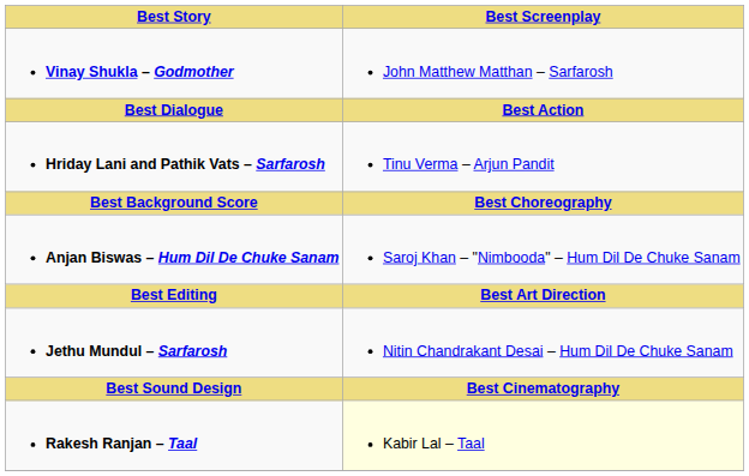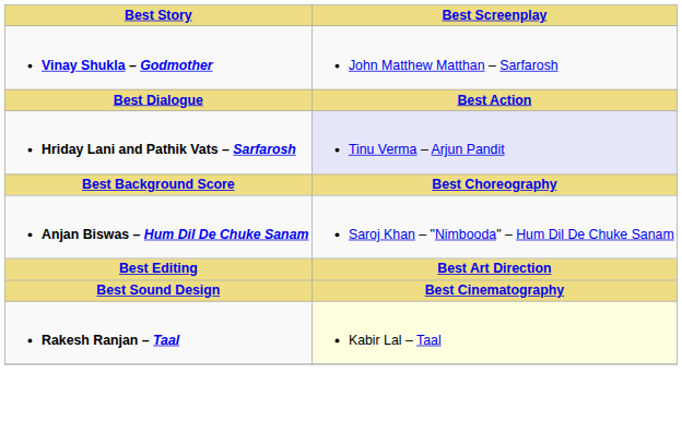 <table class="wikitable">
 <tr>
 <th ! style="background:#EEDD82;text-align:center;"><a href='#'>Best Story</a></th>
 <th ! style="background:#eedd82; text-align:center;"><a href='#'>Best Screenplay</a></th>
 </tr>
 <tr>
 <td valign="top"><br><ul><li><strong><a href='#'>Vinay Shukla</a> – <em><a href='#'>Godmother</a><strong><em></li></ul></td>
 <td valign="top"><br><ul><li></strong><a href='#'>John Matthew Matthan</a> – </em><a href='#'>Sarfarosh</a></em></strong></li></ul></td>
 </tr>
 <tr>
 <th ! style="background:#EEDD82;text-align:center;"><a href='#'>Best Dialogue</a></th>
 <th ! style="background:#eedd82; text-align:center;"><a href='#'>Best Action</a></th>
 </tr>
 <tr>
 <td valign="top"><br><ul><li><strong>Hriday Lani and Pathik Vats – <em><a href='#'>Sarfarosh</a><strong><em></li></ul></td>
-<td valign="top"><br><ul><li></strong><a href='#'>Tinu Verma</a> – </em><a href='#'>Arjun Pandit</a></em></strong></li></ul></td>
+<td valign="top" style="background: lavender;"><br><ul><li></strong><a href='#'>Tinu Verma</a> – </em><a href='#'>Arjun Pandit</a></em></strong></li></ul></td>
 </tr>
 <tr>
 <th ! style="background:#EEDD82;text-align:center;"><a href='#'>Best Background Score</a></th>
 <th ! style="background:#eedd82; text-align:center;"><a href='#'>Best Choreography</a></th>
 </tr>
 <tr>
 <td valign="top"><br><ul><li><strong>Anjan Biswas – <em><a href='#'>Hum Dil De Chuke Sanam</a><strong><em></li></ul></td>
 <td valign="top"><br><ul><li></strong><a href='#'>Saroj Khan</a> – "<a href='#'>Nimbooda</a>" – </em><a href='#'>Hum Dil De Chuke Sanam</a></em></strong></li></ul></td>
 </tr>
 <tr>
 <th ! style="background:#EEDD82;text-align:center;"><a href='#'>Best Editing</a></th>
 <th ! style="background:#eedd82; text-align:center;"><a href='#'>Best Art Direction</a></th>
 </tr>
 <tr>
-<td valign="top"><br><ul><li><strong>Jethu Mundul – <em><a href='#'>Sarfarosh</a><strong><em></li></ul></td>
-<td valign="top"><br><ul><li></strong><a href='#'>Nitin Chandrakant Desai</a> – </em><a href='#'>Hum Dil De Chuke Sanam</a></em></strong></li></ul></td>
-</tr>
-<tr>
 <th ! style="background:#EEDD82;text-align:center;"><a href='#'>Best Sound Design</a></th>
 <th ! style="background:#eedd82; text-align:center;"><a href='#'>Best Cinematography</a></th>
 </tr>
 <tr>
 <td valign="top"><br><ul><li><strong>Rakesh Ranjan – <em><a href='#'>Taal</a><strong><em></li></ul></td>
 <td valign="top" style="background: lightyellow;"><br><ul><li></strong>Kabir Lal – </em><a href='#'>Taal</a></em></strong></li></ul></td>
 </tr>
 <tr>
 </tr>
 </table>
